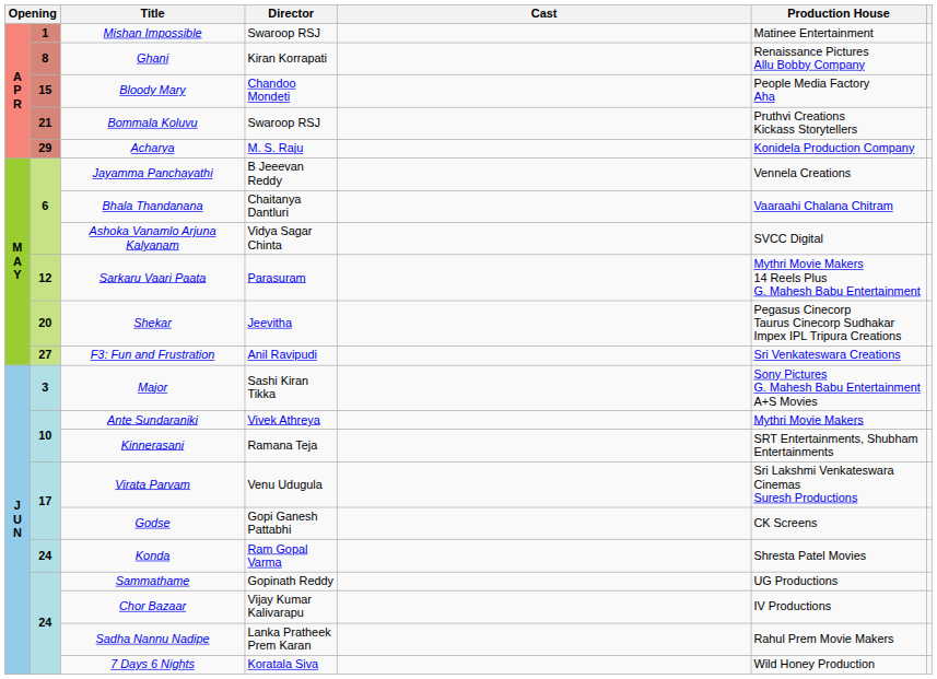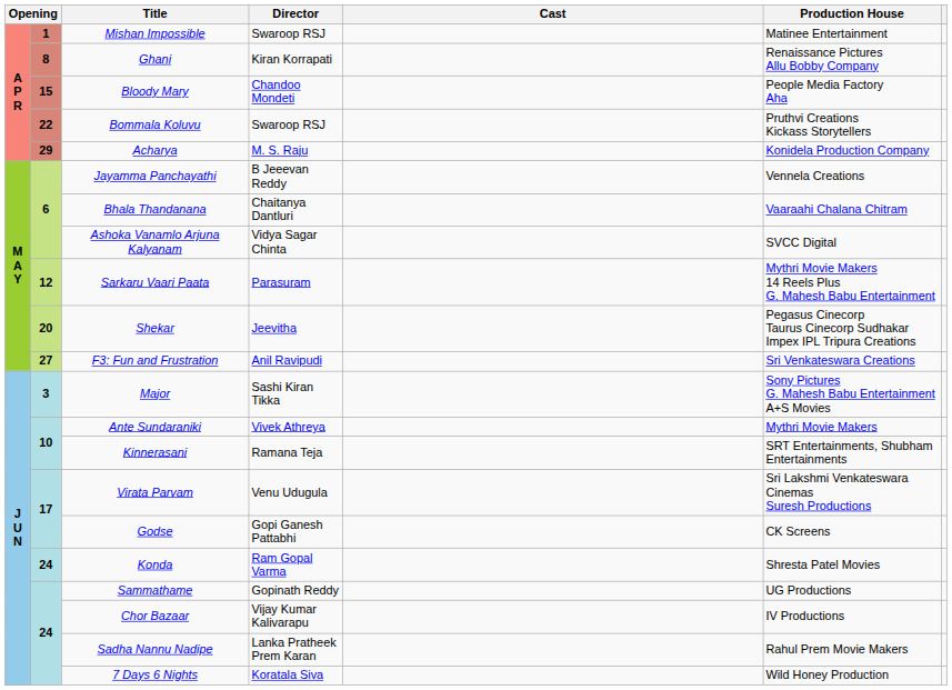 <table class="wikitable sortable">
 <tr>
 <th colspan="2" style="width:6%;"><strong>Opening</strong></th>
 <th style="width:20%;"><strong>Title</strong></th>
 <th style="width:10%;"><strong>Director</strong></th>
 <th style="width:45%;"><strong>Cast</strong></th>
 <th style="width:30%;"><strong>Production House</strong></th>
 <th style="width:1%;" class="unsortable"></th>
 </tr>
 <tr April!>
 <th rowspan="5" style="text-align:center; background:#F88379; textcolor:#000;"><strong>A<br>P<br>R</strong></th>
 <td style="text-align:center; background:#d88579;"><strong>1</strong></td>
 <td style="text-align:center; "><em><a href='#'>Mishan Impossible</a></em></td>
 <td>Swaroop RSJ</td>
 <td></td>
 <td>Matinee Entertainment</td>
 <td></td>
 </tr>
 <tr>
 <td style="text-align:center; background:#d88579;"><strong>8</strong></td>
 <td style="text-align:center;"><em><a href='#'>Ghani</a></em></td>
 <td>Kiran Korrapati</td>
 <td></td>
 <td>Renaissance Pictures<br><a href='#'>Allu Bobby Company</a></td>
 <td></td>
 </tr>
 <tr>
 <td style="text-align:center; background:#d88579;"><strong>15</strong></td>
 <td style="text-align:center;"><em><a href='#'>Bloody Mary</a></em></td>
 <td><a href='#'>Chandoo Mondeti</a></td>
 <td></td>
 <td>People Media Factory<br><a href='#'>Aha</a></td>
 <td></td>
 </tr>
 <tr>
-<td style="text-align:center; background:#d88579;"><strong>21</strong></td>
+<td style="text-align:center; background:#d88579;"><strong>22</strong></td>
 <td style="text-align:center; "><em><a href='#'>Bommala Koluvu</a></em></td>
 <td>Swaroop RSJ</td>
 <td></td>
 <td>Pruthvi Creations<br>Kickass Storytellers</td>
 <td></td>
 </tr>
 <tr>
 <td style="text-align:center;background:#D88579;"><strong>29</strong></td>
 <td style="text-align:center;"><a href='#'><em>Acharya</em></a></td>
 <td><a href='#'>M. S. Raju</a></td>
 <td></td>
 <td><a href='#'>Konidela Production Company</a></td>
 <td></td>
 </tr>
 <tr>
 <td rowspan="6" style="text-align:center; background:	#9ACD32; textcolor:#000;"><strong>M<br>A<br>Y</strong></td>
 <td rowspan="3" style="text-align:center; background:#C5E384"><strong>6</strong></td>
 <td style="text-align:center;"><em><a href='#'>Jayamma Panchayathi</a></em></td>
 <td>B Jeeevan Reddy</td>
 <td></td>
 <td>Vennela Creations</td>
 <td></td>
 </tr>
 <tr>
 <td style="text-align:center;"><em><a href='#'>Bhala Thandanana</a></em></td>
 <td>Chaitanya Dantluri</td>
 <td></td>
 <td><a href='#'>Vaaraahi Chalana Chitram</a></td>
 <td></td>
 </tr>
 <tr>
 <td style="text-align:center;"><em><a href='#'>Ashoka Vanamlo Arjuna Kalyanam</a></em></td>
 <td>Vidya Sagar Chinta</td>
 <td></td>
 <td>SVCC Digital</td>
 <td></td>
 </tr>
 <tr>
 <td style="text-align:center; background:#C5E384"><strong>12</strong></td>
 <td style="text-align:center;"><em><a href='#'>Sarkaru Vaari Paata</a></em></td>
 <td><a href='#'>Parasuram</a></td>
 <td></td>
 <td><a href='#'>Mythri Movie Makers</a><br>14 Reels Plus<br><a href='#'>G. Mahesh Babu Entertainment</a></td>
 <td></td>
 </tr>
 <tr>
 <td rowspan="1" style="text-align:center; background:#C5E384"><strong>20</strong></td>
 <td style="text-align:center;"><a href='#'><em>Shekar</em></a></td>
 <td><a href='#'>Jeevitha</a></td>
 <td></td>
 <td>Pegasus Cinecorp<br>Taurus Cinecorp Sudhakar Impex IPL Tripura Creations</td>
 <td></td>
 </tr>
 <tr>
 <td style="text-align:center; background:#C5E384"><strong>27</strong></td>
 <td style="text-align:center;"><a href='#'><em>F3: Fun and Frustration</em></a></td>
 <td><a href='#'>Anil Ravipudi</a></td>
 <td></td>
 <td><a href='#'>Sri Venkateswara Creations</a></td>
 <td></td>
 </tr>
 <tr>
 <td rowspan="10" style="text-align:center; background:#93CCEA; textcolor:#000;"><strong>J<br>U<br>N</strong></td>
 <td style="text-align:center;background:#B0E0E6;"><strong>3</strong></td>
 <td style="text-align:center;"><em><a href='#'>Major</a></em></td>
 <td>Sashi Kiran Tikka</td>
 <td></td>
 <td><a href='#'>Sony Pictures</a><br><a href='#'>G. Mahesh Babu Entertainment</a><br>A+S Movies</td>
 <td></td>
 </tr>
 <tr>
 <td rowspan="2" style="text-align:center;background:#B0E0E6;"><strong>10</strong></td>
 <td style="text-align:center;"><em><a href='#'>Ante Sundaraniki</a></em></td>
 <td><a href='#'>Vivek Athreya</a></td>
 <td></td>
 <td><a href='#'>Mythri Movie Makers</a></td>
 <td></td>
 </tr>
 <tr>
 <td style="text-align:center;"><em><a href='#'>Kinnerasani</a></em></td>
 <td>Ramana Teja</td>
 <td></td>
 <td>SRT Entertainments, Shubham Entertainments</td>
 <td></td>
 </tr>
 <tr>
 <td rowspan="2" style="text-align:center;background:#B0E0E6;"><strong>17</strong></td>
 <td style="text-align:center;"><em><a href='#'>Virata Parvam</a></em></td>
 <td>Venu Udugula</td>
 <td></td>
 <td>Sri Lakshmi Venkateswara Cinemas<br><a href='#'>Suresh Productions</a></td>
 <td></td>
 </tr>
 <tr>
 <td style="text-align:center;"><em><a href='#'>Godse</a></em></td>
 <td>Gopi Ganesh Pattabhi</td>
 <td></td>
 <td>CK Screens</td>
 <td></td>
 </tr>
 <tr>
 <td rowspan="1" style="text-align:center;background:#B0E0E6;"><strong>24</strong></td>
 <td style="text-align:center;"><a href='#'><em>Konda</em></a></td>
 <td><a href='#'>Ram Gopal Varma</a></td>
 <td></td>
 <td>Shresta Patel Movies</td>
 <td></td>
 </tr>
 <tr>
 <td rowspan="4" style="text-align:center;background:#B0E0E6;"><strong>24</strong></td>
 <td style="text-align:center;"><em><a href='#'>Sammathame</a></em></td>
 <td>Gopinath Reddy</td>
 <td></td>
 <td>UG Productions</td>
 <td></td>
 </tr>
 <tr>
 <td style="text-align:center;"><a href='#'><em>Chor Bazaar</em></a></td>
 <td>Vijay Kumar Kalivarapu</td>
 <td></td>
 <td>IV Productions</td>
 <td></td>
 </tr>
 <tr>
 <td style="text-align:center;"><em><a href='#'>Sadha Nannu Nadipe</a></em></td>
 <td>Lanka Pratheek Prem Karan</td>
 <td></td>
 <td>Rahul Prem Movie Makers</td>
 <td></td>
 </tr>
 <tr>
 <td style="text-align:center;"><em><a href='#'>7 Days 6 Nights</a></em></td>
 <td><a href='#'>Koratala Siva</a></td>
 <td></td>
 <td>Wild Honey Production</td>
 <td></td>
 </tr>
 </table>
